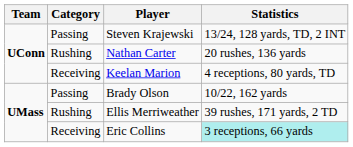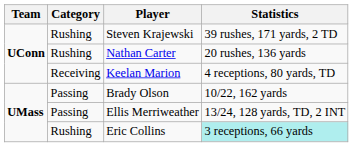 <table class="wikitable" style="float: left;">
 <tr>
 <th>Team</th>
 <th>Category</th>
 <th>Player</th>
 <th>Statistics</th>
 </tr>
 <tr>
 <td rowspan=3><strong>UConn</strong></td>
-<td>Passing</td>
+<td>Rushing</td>
 <td>Steven Krajewski</td>
-<td>13/24, 128 yards, TD, 2 INT</td>
+<td>39 rushes, 171 yards, 2 TD</td>
 </tr>
 <tr>
 <td>Rushing</td>
 <td><a href='#'>Nathan Carter</a></td>
 <td>20 rushes, 136 yards</td>
 </tr>
 <tr>
 <td>Receiving</td>
 <td><a href='#'>Keelan Marion</a></td>
 <td>4 receptions, 80 yards, TD</td>
 </tr>
 <tr>
 <td rowspan=3><strong>UMass</strong></td>
 <td>Passing</td>
 <td>Brady Olson</td>
 <td>10/22, 162 yards</td>
 </tr>
 <tr>
-<td>Rushing</td>
+<td>Passing</td>
 <td>Ellis Merriweather</td>
-<td>39 rushes, 171 yards, 2 TD</td>
+<td>13/24, 128 yards, TD, 2 INT</td>
 </tr>
 <tr>
-<td>Receiving</td>
+<td>Rushing</td>
 <td>Eric Collins</td>
 <td style="background: paleturquoise;">3 receptions, 66 yards</td>
 </tr>
 </table>
